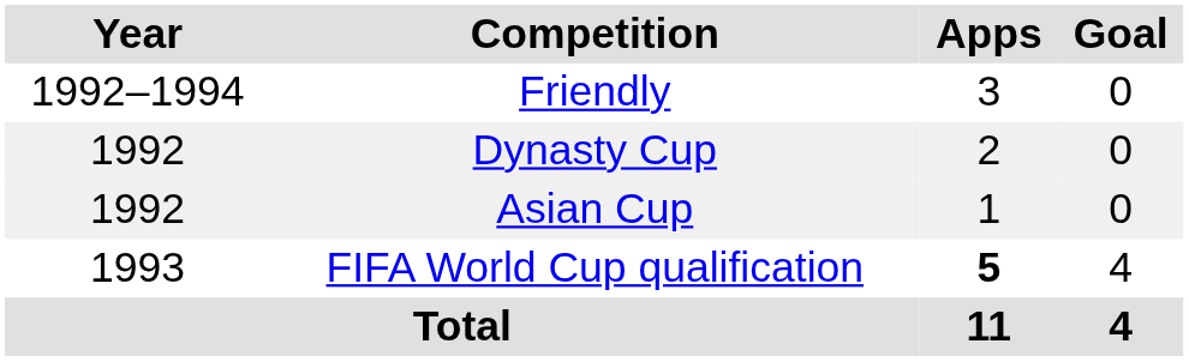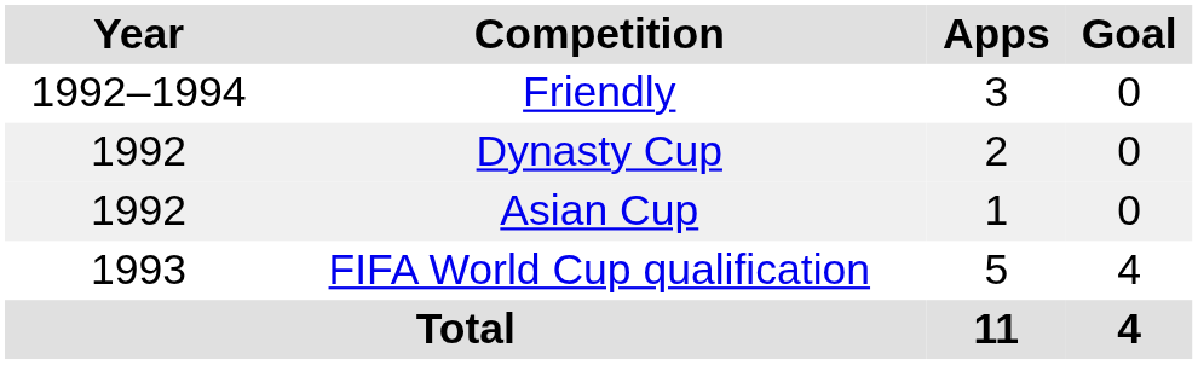 <table border="0" cellpadding="2" cellspacing="0" style="width:50%;">
 <tr style="text-align:center; background:#e0e0e0;">
 <th>Year</th>
 <th>Competition</th>
 <th>Apps</th>
 <th>Goal</th>
 </tr>
 <tr style="text-align:center;">
 <td>1992–1994</td>
 <td><a href='#'>Friendly</a></td>
 <td>3</td>
 <td>0</td>
 </tr>
 <tr style="text-align:center; background:#f0f0f0;">
 <td>1992</td>
 <td><a href='#'>Dynasty Cup</a></td>
 <td>2</td>
 <td>0</td>
 </tr>
 <tr style="text-align:center; background:#f0f0f0;">
 <td>1992</td>
 <td><a href='#'>Asian Cup</a></td>
 <td>1</td>
 <td>0</td>
 </tr>
 <tr style="text-align:center;">
 <td>1993</td>
 <td><a href='#'>FIFA World Cup qualification</a></td>
-<td><strong>5</strong></td>
+<td>5</td>
 <td>4</td>
 </tr>
 <tr style="text-align:center; background:#e0e0e0;">
 <th colspan="2">Total</th>
 <th style="text-align:center;">11</th>
 <th style="text-align:center;">4</th>
 </tr>
 </table>
